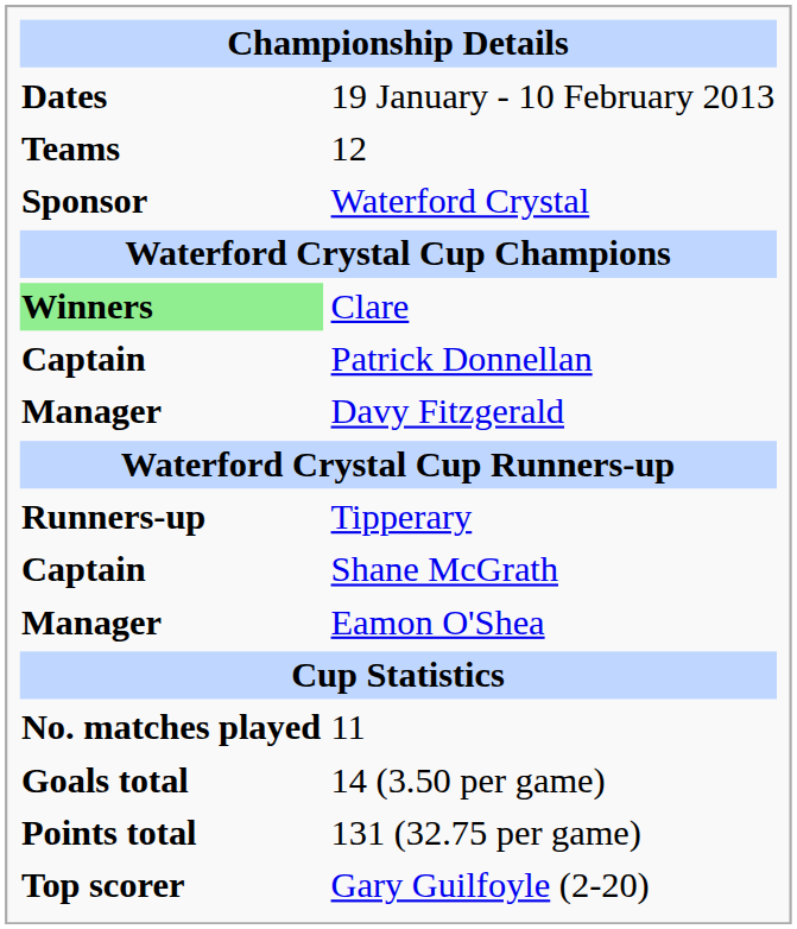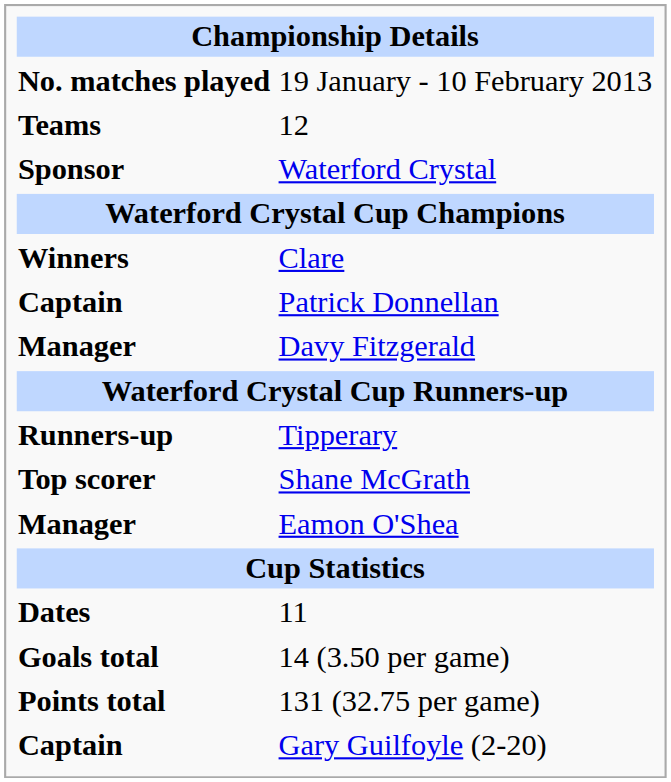 <table class="infobox" style="font-size: 90%;">
 <tr>
 <th style="background: #BFD7FF; text-align: center" colspan="3">Championship Details</th>
 </tr>
 <tr>
-<td><strong>Dates</strong></td>
+<td><strong>No. matches played</strong></td>
 <td colspan="2">19 January - 10 February 2013</td>
 </tr>
 <tr>
 <td><strong>Teams</strong></td>
 <td colspan="2">12</td>
 </tr>
 <tr>
 <td><strong>Sponsor</strong></td>
 <td colspan="2"><a href='#'>Waterford Crystal</a></td>
 </tr>
 <tr>
 <th style="background: #BFD7FF; text-align: center" colspan="3">Waterford Crystal Cup Champions</th>
 </tr>
 <tr>
-<td style="background: lightgreen;"><strong>Winners</strong></td>
+<td><strong>Winners</strong></td>
 <td colspan="2"><a href='#'>Clare</a></td>
 </tr>
 <tr>
 <td><strong>Captain</strong></td>
 <td colspan="2"><a href='#'>Patrick Donnellan</a></td>
 </tr>
 <tr>
 <td><strong>Manager</strong></td>
 <td colspan="2"><a href='#'>Davy Fitzgerald</a></td>
 </tr>
 <tr>
 <th style="background: #BFD7FF; text-align: center" colspan="3">Waterford Crystal Cup Runners-up</th>
 </tr>
 <tr>
 <td><strong>Runners-up</strong></td>
 <td colspan="2"><a href='#'>Tipperary</a></td>
 </tr>
 <tr>
-<td><strong>Captain</strong></td>
+<td><strong>Top scorer</strong></td>
 <td colspan="2"><a href='#'>Shane McGrath</a></td>
 </tr>
 <tr>
 <td><strong>Manager</strong></td>
 <td colspan="2"><a href='#'>Eamon O'Shea</a></td>
 </tr>
 <tr>
 <th style="background: #BFD7FF; text-align: center" colspan="3">Cup Statistics</th>
 </tr>
 <tr>
-<td><strong>No. matches played</strong></td>
+<td><strong>Dates</strong></td>
 <td colspan="2">11</td>
 </tr>
 <tr>
 <td><strong>Goals total</strong></td>
 <td colspan="2">14 (3.50 per game)</td>
 </tr>
 <tr>
 <td><strong>Points total</strong></td>
 <td colspan="2">131 (32.75 per game)</td>
 </tr>
 <tr>
-<td><strong>Top scorer</strong></td>
+<td><strong>Captain</strong></td>
 <td colspan="2"><a href='#'>Gary Guilfoyle</a> (2-20)</td>
 </tr>
 </table>
